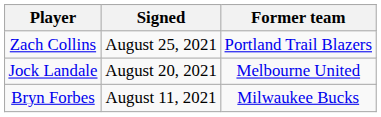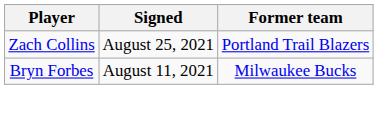 <table class="wikitable sortable sortable" style="text-align: center">
 <tr>
 <th>Player</th>
 <th>Signed</th>
 <th>Former team</th>
 </tr>
 <tr style="text-align: center">
 <td><a href='#'>Zach Collins</a></td>
 <td>August 25, 2021</td>
 <td><a href='#'>Portland Trail Blazers</a></td>
 </tr>
 <tr style="text-align: center">
-<td><a href='#'>Jock Landale</a></td>
-<td>August 20, 2021</td>
-<td><a href='#'>Melbourne United</a></td>
-</tr>
-<tr style="text-align: center">
 <td><a href='#'>Bryn Forbes</a></td>
 <td>August 11, 2021</td>
 <td><a href='#'>Milwaukee Bucks</a></td>
 </tr>
 </table>
